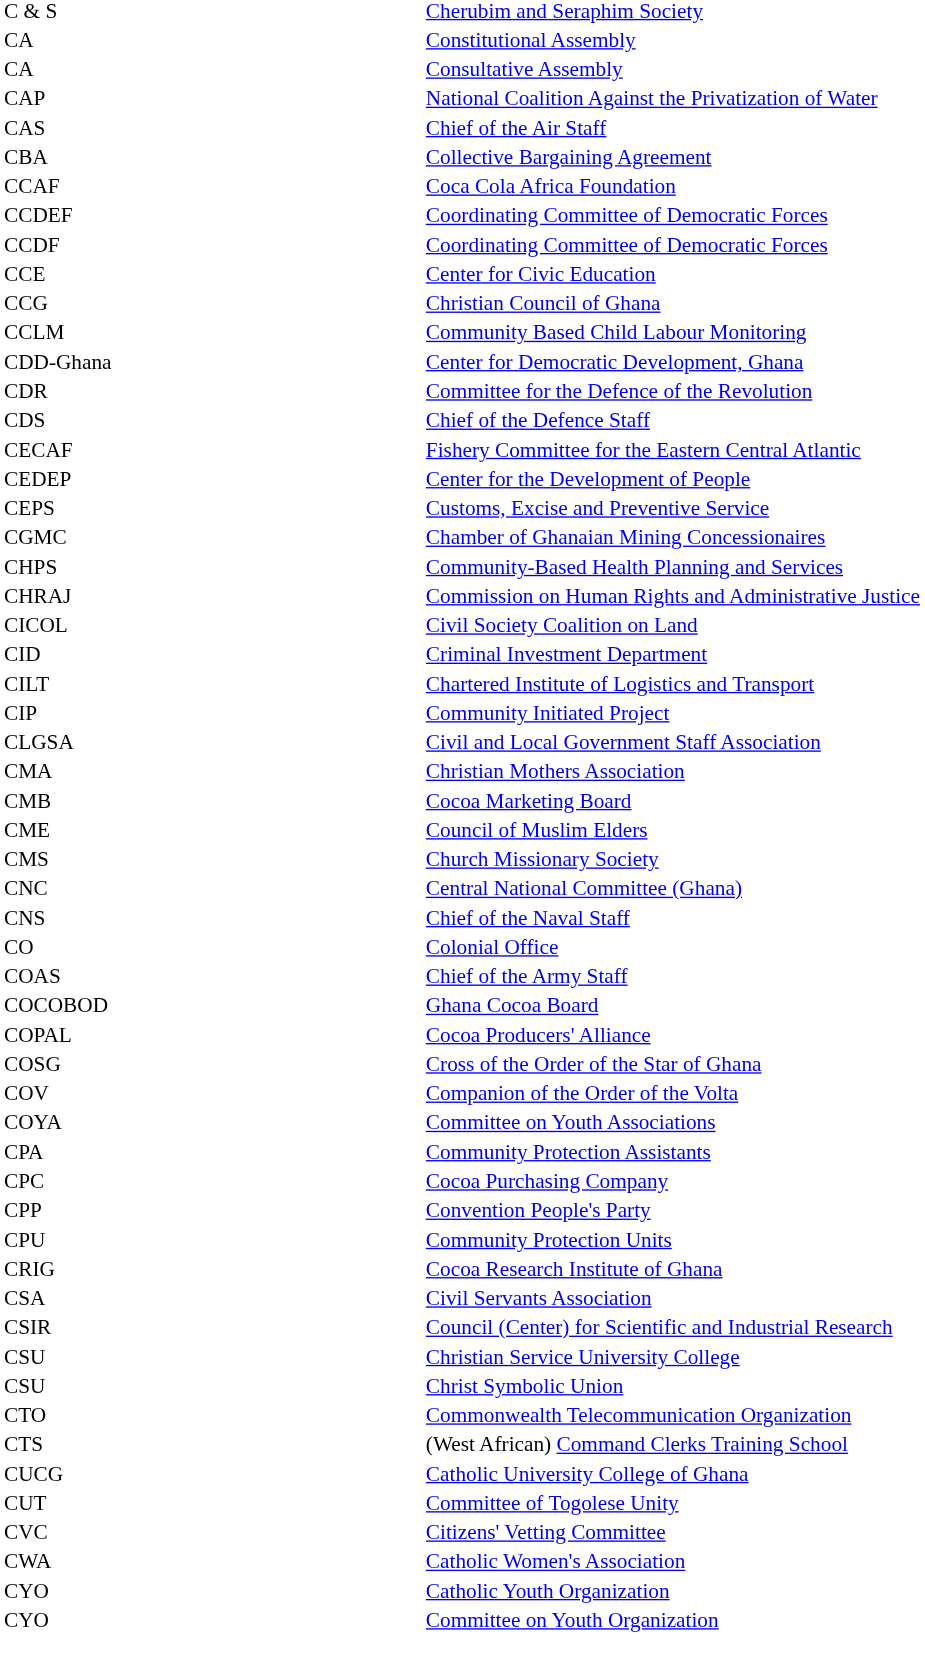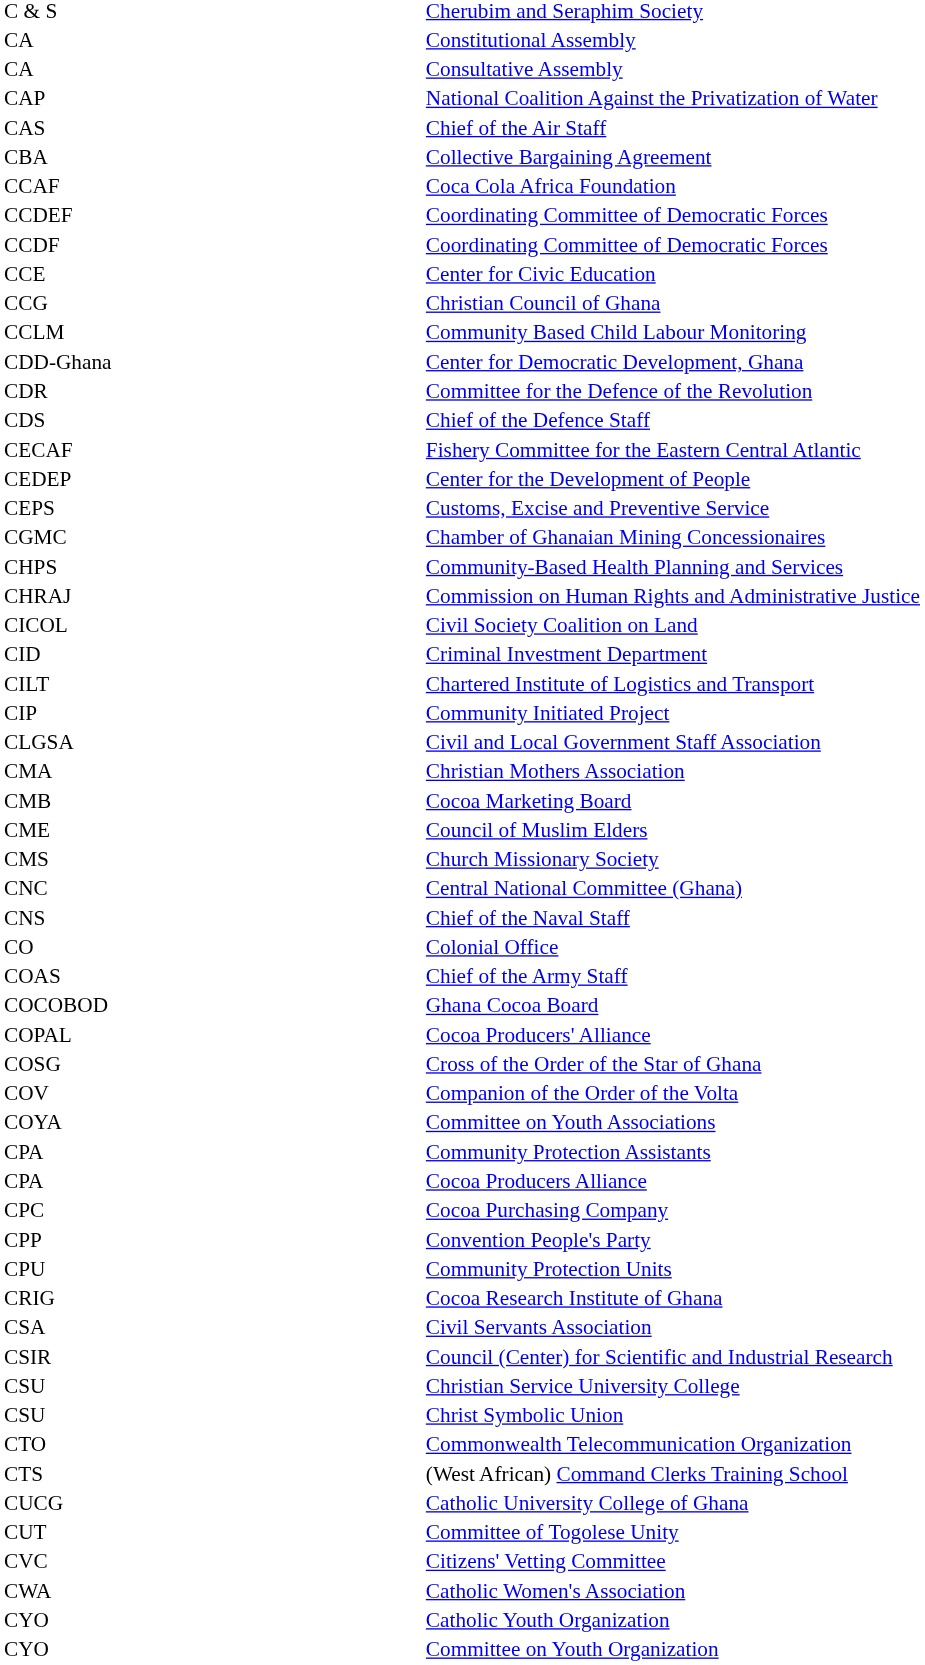 <table width="100%" style="text-verticalalign:top">
 <tr>
 <td width="20%">C & S</td>
 <td width="40%"><a href='#'>Cherubim and Seraphim Society</a></td>
 <td width="40%"></td>
 </tr>
 <tr>
 <td>CA</td>
 <td><a href='#'>Constitutional Assembly</a></td>
 <td></td>
 </tr>
 <tr>
 <td>CA</td>
 <td><a href='#'>Consultative Assembly</a></td>
 <td></td>
 </tr>
 <tr>
 <td>CAP</td>
 <td><a href='#'>National Coalition Against the Privatization of Water</a></td>
 <td></td>
 </tr>
 <tr>
 <td>CAS</td>
 <td><a href='#'>Chief of the Air Staff</a></td>
 <td></td>
 </tr>
 <tr>
 <td>CBA</td>
 <td><a href='#'>Collective Bargaining Agreement</a></td>
 <td></td>
 </tr>
 <tr>
 <td>CCAF</td>
 <td><a href='#'>Coca Cola Africa Foundation</a></td>
 <td></td>
 </tr>
 <tr>
 <td>CCDEF</td>
 <td><a href='#'>Coordinating Committee of Democratic Forces</a></td>
 <td></td>
 </tr>
 <tr>
 <td>CCDF</td>
 <td><a href='#'>Coordinating Committee of Democratic Forces</a></td>
 <td></td>
 </tr>
 <tr>
 <td>CCE</td>
 <td><a href='#'>Center for Civic Education</a></td>
 <td></td>
 </tr>
 <tr>
 <td>CCG</td>
 <td><a href='#'>Christian Council of Ghana</a></td>
 <td></td>
 </tr>
 <tr>
 <td>CCLM</td>
 <td><a href='#'>Community Based Child Labour Monitoring</a></td>
 <td></td>
 </tr>
 <tr>
 <td>CDD-Ghana</td>
 <td><a href='#'>Center for Democratic Development, Ghana</a></td>
 <td></td>
 </tr>
 <tr>
 <td>CDR</td>
 <td><a href='#'>Committee for the Defence of the Revolution</a></td>
 <td></td>
 </tr>
 <tr>
 <td>CDS</td>
 <td><a href='#'>Chief of the Defence Staff</a></td>
 <td></td>
 </tr>
 <tr>
 <td>CECAF</td>
 <td><a href='#'>Fishery Committee for the Eastern Central Atlantic</a></td>
 <td></td>
 </tr>
 <tr>
 <td>CEDEP</td>
 <td><a href='#'>Center for the Development of People</a></td>
 <td></td>
 </tr>
 <tr>
 <td>CEPS</td>
 <td><a href='#'>Customs, Excise and Preventive Service</a></td>
 <td></td>
 </tr>
 <tr>
 <td>CGMC</td>
 <td><a href='#'>Chamber of Ghanaian Mining Concessionaires</a></td>
 <td></td>
 </tr>
 <tr>
 <td>CHPS</td>
 <td><a href='#'>Community-Based Health Planning and Services</a></td>
 <td></td>
 </tr>
 <tr>
 <td>CHRAJ</td>
 <td><a href='#'>Commission on Human Rights and Administrative Justice</a></td>
 <td></td>
 </tr>
 <tr>
 <td>CICOL</td>
 <td><a href='#'>Civil Society Coalition on Land</a></td>
 <td></td>
 </tr>
 <tr>
 <td>CID</td>
 <td><a href='#'>Criminal Investment Department</a></td>
 <td></td>
 </tr>
 <tr>
 <td>CILT</td>
 <td><a href='#'>Chartered Institute of Logistics and Transport</a></td>
 <td></td>
 </tr>
 <tr>
 <td>CIP</td>
 <td><a href='#'>Community Initiated Project</a></td>
 <td></td>
 </tr>
 <tr>
 <td>CLGSA</td>
 <td><a href='#'>Civil and Local Government Staff Association</a></td>
 <td></td>
 </tr>
 <tr>
 <td>CMA</td>
 <td><a href='#'>Christian Mothers Association</a></td>
 <td></td>
 </tr>
 <tr>
 <td>CMB</td>
 <td><a href='#'>Cocoa Marketing Board</a></td>
 <td></td>
 </tr>
 <tr>
 <td>CME</td>
 <td><a href='#'>Council of Muslim Elders</a></td>
 <td></td>
 </tr>
 <tr>
 <td>CMS</td>
 <td><a href='#'>Church Missionary Society</a></td>
 <td></td>
 </tr>
 <tr>
 <td>CNC</td>
 <td><a href='#'>Central National Committee (Ghana)</a></td>
 <td></td>
 </tr>
 <tr>
 <td>CNS</td>
 <td><a href='#'>Chief of the Naval Staff</a></td>
 <td></td>
 </tr>
 <tr>
 <td>CO</td>
 <td><a href='#'>Colonial Office</a></td>
 <td></td>
 </tr>
 <tr>
 <td>COAS</td>
 <td><a href='#'>Chief of the Army Staff</a></td>
 <td></td>
 </tr>
 <tr>
 <td>COCOBOD</td>
 <td><a href='#'>Ghana Cocoa Board</a></td>
 <td></td>
 </tr>
 <tr>
 <td>COPAL</td>
 <td><a href='#'>Cocoa Producers' Alliance</a></td>
 <td></td>
 </tr>
 <tr>
 <td>COSG</td>
 <td><a href='#'>Cross of the Order of the Star of Ghana</a></td>
 <td></td>
 </tr>
 <tr>
 <td>COV</td>
 <td><a href='#'>Companion of the Order of the Volta</a></td>
 <td></td>
 </tr>
 <tr>
 <td>COYA</td>
 <td><a href='#'>Committee on Youth Associations</a></td>
 <td></td>
 </tr>
 <tr>
 <td>CPA</td>
 <td><a href='#'>Community Protection Assistants</a></td>
 <td></td>
 </tr>
 <tr>
+<td>CPA</td>
+<td><a href='#'>Cocoa Producers Alliance</a></td>
+<td></td>
+</tr>
+<tr>
 <td>CPC</td>
 <td><a href='#'>Cocoa Purchasing Company</a></td>
 <td></td>
 </tr>
 <tr>
 <td>CPP</td>
 <td><a href='#'>Convention People's Party</a></td>
 <td></td>
 </tr>
 <tr>
 <td>CPU</td>
 <td><a href='#'>Community Protection Units</a></td>
 <td></td>
 </tr>
 <tr>
 <td>CRIG</td>
 <td><a href='#'>Cocoa Research Institute of Ghana</a></td>
 <td></td>
 </tr>
 <tr>
 <td>CSA</td>
 <td><a href='#'>Civil Servants Association</a></td>
 <td></td>
 </tr>
 <tr>
 <td>CSIR</td>
 <td><a href='#'>Council (Center) for Scientific and Industrial Research</a></td>
 <td></td>
 </tr>
 <tr>
 <td>CSU</td>
 <td><a href='#'>Christian Service University College</a></td>
 <td></td>
 </tr>
 <tr>
 <td>CSU</td>
 <td><a href='#'>Christ Symbolic Union</a></td>
 <td></td>
 </tr>
 <tr>
 <td>CTO</td>
 <td><a href='#'>Commonwealth Telecommunication Organization</a></td>
 <td></td>
 </tr>
 <tr>
 <td>CTS</td>
 <td>(West African) <a href='#'>Command Clerks Training School</a></td>
 <td></td>
 </tr>
 <tr>
 <td>CUCG</td>
 <td><a href='#'>Catholic University College of Ghana</a></td>
 <td></td>
 </tr>
 <tr>
 <td>CUT</td>
 <td><a href='#'>Committee of Togolese Unity</a></td>
 <td></td>
 </tr>
 <tr>
 <td>CVC</td>
 <td><a href='#'>Citizens' Vetting Committee</a></td>
 <td></td>
 </tr>
 <tr>
 <td>CWA</td>
 <td><a href='#'>Catholic Women's Association</a></td>
 <td></td>
 </tr>
 <tr>
 <td>CYO</td>
 <td><a href='#'>Catholic Youth Organization</a></td>
 <td></td>
 </tr>
 <tr>
 <td>CYO</td>
 <td><a href='#'>Committee on Youth Organization</a></td>
 <td></td>
 </tr>
 </table>
